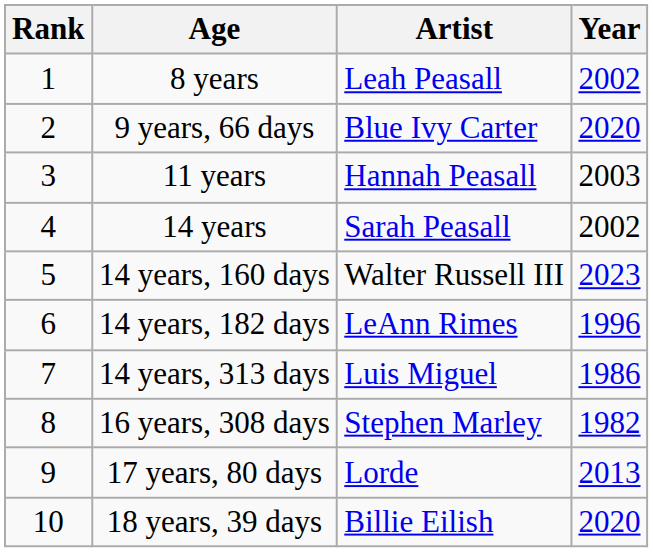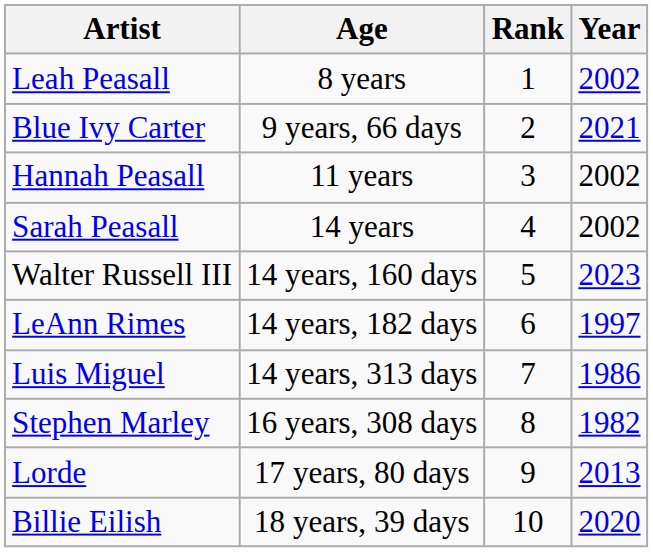 <table class="wikitable" style="text-align: center; cellpadding: 2;">
 <tr>
+<th>Artist</th>
+<th>Age</th>
 <th>Rank</th>
-<th>Age</th>
-<th>Artist</th>
 <th>Year</th>
 </tr>
 <tr>
+<td style="text-align: left;"><a href='#'>Leah Peasall</a></td>
+<td>8 years</td>
 <td>1</td>
-<td>8 years</td>
-<td style="text-align: left;"><a href='#'>Leah Peasall</a></td>
 <td><a href='#'>2002</a></td>
 </tr>
 <tr>
+<td style="text-align: left;"><a href='#'>Blue Ivy Carter</a></td>
+<td>9 years, 66 days</td>
 <td>2</td>
-<td>9 years, 66 days</td>
-<td style="text-align: left;"><a href='#'>Blue Ivy Carter</a></td>
-<td><a href='#'>2020</a></td>
+<td><a href='#'>2021</a></td>
 </tr>
 <tr>
+<td style="text-align: left;"><a href='#'>Hannah Peasall</a></td>
+<td>11 years</td>
 <td>3</td>
-<td>11 years</td>
-<td style="text-align: left;"><a href='#'>Hannah Peasall</a></td>
-<td>2003</td>
-</tr>
-<tr>
-<td>4</td>
-<td>14 years</td>
-<td style="text-align: left;"><a href='#'>Sarah Peasall</a></td>
 <td>2002</td>
 </tr>
 <tr>
+<td style="text-align: left;"><a href='#'>Sarah Peasall</a></td>
+<td>14 years</td>
+<td>4</td>
+<td>2002</td>
+</tr>
+<tr>
+<td style="text-align: left;">Walter Russell III</td>
+<td>14 years, 160 days</td>
 <td>5</td>
-<td>14 years, 160 days</td>
-<td style="text-align: left;">Walter Russell III</td>
 <td><a href='#'>2023</a></td>
 </tr>
 <tr>
+<td style="text-align: left;"><a href='#'>LeAnn Rimes</a></td>
+<td>14 years, 182 days</td>
 <td>6</td>
-<td>14 years, 182 days</td>
-<td style="text-align: left;"><a href='#'>LeAnn Rimes</a></td>
-<td><a href='#'>1996</a></td>
+<td><a href='#'>1997</a></td>
 </tr>
 <tr>
+<td style="text-align: left;"><a href='#'>Luis Miguel</a></td>
+<td>14 years, 313 days</td>
 <td>7</td>
-<td>14 years, 313 days</td>
-<td style="text-align: left;"><a href='#'>Luis Miguel</a></td>
 <td><a href='#'>1986</a></td>
 </tr>
 <tr>
+<td style="text-align: left;"><a href='#'>Stephen Marley</a></td>
+<td>16 years, 308 days</td>
 <td>8</td>
-<td>16 years, 308 days</td>
-<td style="text-align: left;"><a href='#'>Stephen Marley</a></td>
 <td><a href='#'>1982</a></td>
 </tr>
 <tr>
+<td style="text-align: left;"><a href='#'>Lorde</a></td>
+<td>17 years, 80 days</td>
 <td>9</td>
-<td>17 years, 80 days</td>
-<td style="text-align: left;"><a href='#'>Lorde</a></td>
 <td><a href='#'>2013</a></td>
 </tr>
 <tr>
+<td style="text-align: left;"><a href='#'>Billie Eilish</a></td>
+<td>18 years, 39 days</td>
 <td>10</td>
-<td>18 years, 39 days</td>
-<td style="text-align: left;"><a href='#'>Billie Eilish</a></td>
 <td><a href='#'>2020</a></td>
 </tr>
 </table>
